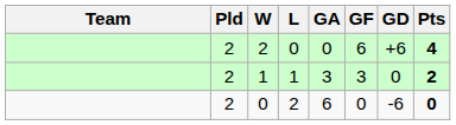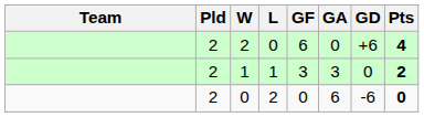 <table class=wikitable style="text-align:center">
 <tr>
 <th width=175>Team</th>
 <th width=20>Pld</th>
 <th width=20>W</th>
 <th width=20>L</th>
+<th width=20>GF</th>
 <th width=20>GA</th>
-<th width=20>GF</th>
 <th width=20>GD</th>
 <th width=20>Pts</th>
 </tr>
 <tr style="background:#ccffcc;">
 <td align=left></td>
 <td>2</td>
 <td>2</td>
 <td>0</td>
+<td>6</td>
 <td>0</td>
-<td>6</td>
 <td>+6</td>
 <td><strong>4</strong></td>
 </tr>
 <tr style="background:#ccffcc;">
 <td align=left></td>
 <td>2</td>
 <td>1</td>
 <td>1</td>
 <td>3</td>
 <td>3</td>
 <td>0</td>
 <td><strong>2</strong></td>
 </tr>
 <tr>
 <td align=left></td>
 <td>2</td>
 <td>0</td>
 <td>2</td>
+<td>0</td>
 <td>6</td>
-<td>0</td>
 <td>-6</td>
 <td><strong>0</strong></td>
 </tr>
 </table>
